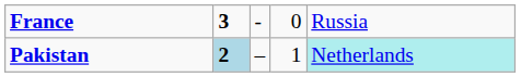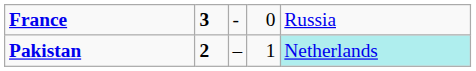 <table class="wikitable">
 <tr>
 <td width=150> <strong><a href='#'>France</a></strong></td>
 <td style="width:20px; text-align:left;"><strong>3</strong></td>
 <td>-</td>
 <td style="width:20px; text-align:right;">0</td>
 <td width=150> <a href='#'>Russia</a></td>
 </tr>
 <tr>
 <td> <strong><a href='#'>Pakistan</a></strong></td>
-<td style="background: lightblue; text-align:left;"><strong>2</strong></td>
+<td style="text-align:left;"><strong>2</strong></td>
 <td>–</td>
 <td style="text-align:right;">1</td>
 <td style="background: paleturquoise;"> <a href='#'>Netherlands</a></td>
 </tr>
 </table>
